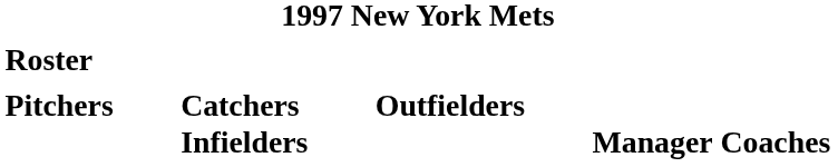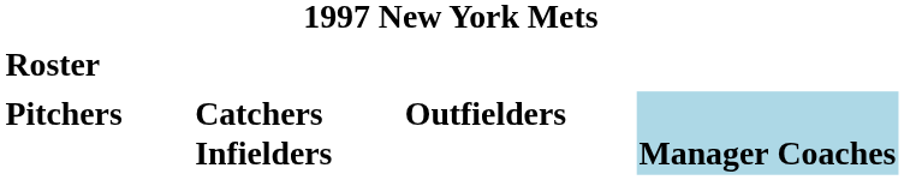 <table class="toccolours" style="font-size: 95%;">
 <tr>
 <th colspan="10">1997 New York Mets</th>
 </tr>
 <tr>
 <td colspan="10"><strong>Roster</strong></td>
 </tr>
 <tr>
 <td valign="top"><strong>Pitchers</strong><br>                    </td>
 <td width="25px"></td>
 <td valign="top"><strong>Catchers</strong><br>   <strong>Infielders</strong>           </td>
 <td width="25px"></td>
 <td valign="top"><strong>Outfielders</strong><br>         </td>
 <td width="25px"></td>
-<td valign="top"><br><strong>Manager</strong>  <strong>Coaches</strong>      </td>
+<td valign="top" style="background: lightblue;"><br><strong>Manager</strong>  <strong>Coaches</strong>      </td>
 </tr>
 </table>
